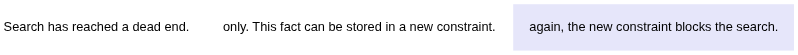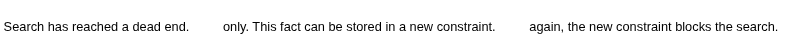 <table cellpadding=20>
 <tr>
 <td></td>
 <td></td>
 <td></td>
 </tr>
 <tr>
 <td>Search has reached a dead end.</td>
 <td> only. This fact can be stored in a new constraint.</td>
-<td style="background: lavender;"> again, the new constraint blocks the search.</td>
+<td> again, the new constraint blocks the search.</td>
 </tr>
 </table>
